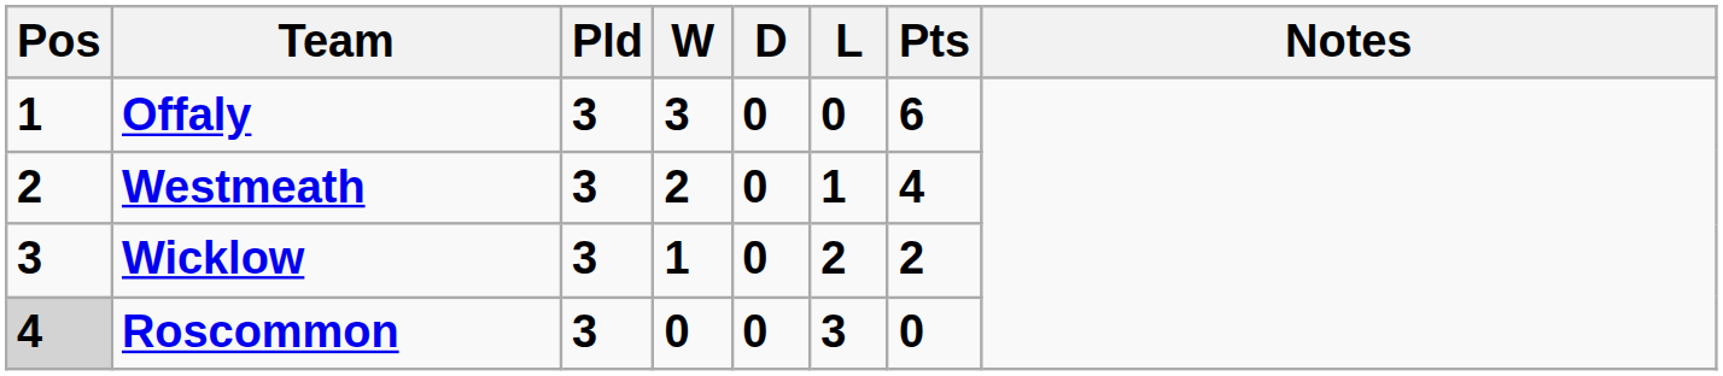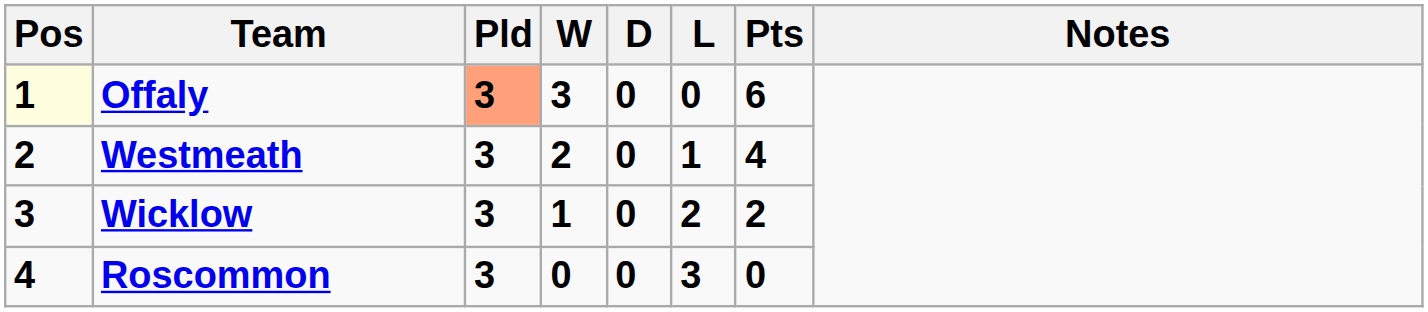 <table class="wikitable" style="text-align: centre;">
 <tr>
 <th width=20>Pos</th>
 <th width=150>Team</th>
 <th width=20>Pld</th>
 <th width=20>W</th>
 <th width=20>D</th>
 <th width=20>L</th>
 <th width=20>Pts</th>
 <th width=250>Notes</th>
 </tr>
 <tr style>
-<td><strong>1</strong></td>
+<td style="background: lightyellow;"><strong>1</strong></td>
 <td align=left><strong> <a href='#'>Offaly</a> </strong></td>
-<td><strong>3</strong></td>
+<td style="background: lightsalmon;"><strong>3</strong></td>
 <td><strong>3</strong></td>
 <td><strong>0</strong></td>
 <td><strong>0</strong></td>
 <td><strong>6</strong></td>
 </tr>
 <tr style>
 <td><strong>2</strong></td>
 <td align=left><strong> <a href='#'>Westmeath</a> </strong></td>
 <td><strong>3</strong></td>
 <td><strong>2</strong></td>
 <td><strong>0</strong></td>
 <td><strong>1</strong></td>
 <td><strong>4</strong></td>
 </tr>
 <tr style>
 <td><strong>3</strong></td>
 <td align=left><strong> <a href='#'>Wicklow</a> </strong></td>
 <td><strong>3</strong></td>
 <td><strong>1</strong></td>
 <td><strong>0</strong></td>
 <td><strong>2</strong></td>
 <td><strong>2</strong></td>
 </tr>
 <tr style>
-<td style="background: lightgrey;"><strong>4</strong></td>
+<td><strong>4</strong></td>
 <td align=left><strong> <a href='#'>Roscommon</a> </strong></td>
 <td><strong>3</strong></td>
 <td><strong>0</strong></td>
 <td><strong>0</strong></td>
 <td><strong>3</strong></td>
 <td><strong>0</strong></td>
 </tr>
 </table>
